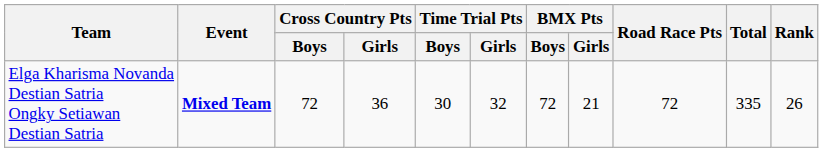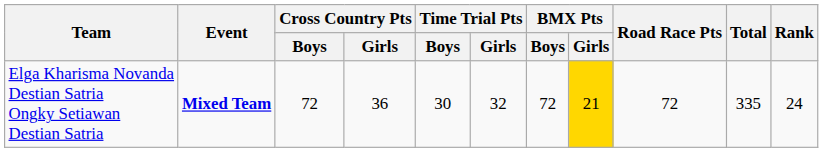 <table class="wikitable" border="1" style="font-size:90%">
 <tr>
 <th rowspan=2>Team</th>
 <th rowspan=2>Event</th>
 <th colspan=2>Cross Country Pts</th>
 <th colspan=2>Time Trial Pts</th>
 <th colspan=2>BMX Pts</th>
 <th rowspan=2>Road Race Pts</th>
 <th rowspan=2>Total</th>
 <th rowspan=2>Rank</th>
 </tr>
 <tr>
 <th>Boys</th>
 <th>Girls</th>
 <th>Boys</th>
 <th>Girls</th>
 <th>Boys</th>
 <th>Girls</th>
 </tr>
 <tr>
 <td><a href='#'>Elga Kharisma Novanda</a><br><a href='#'>Destian Satria</a><br><a href='#'>Ongky Setiawan</a><br><a href='#'>Destian Satria</a></td>
 <td><strong><a href='#'>Mixed Team</a></strong></td>
 <td align=center>72</td>
 <td align=center>36</td>
 <td align=center>30</td>
 <td align=center>32</td>
 <td align=center>72</td>
-<td align=center>21</td>
+<td align=center style="background: gold;">21</td>
 <td align=center>72</td>
 <td align=center>335</td>
-<td align=center>26</td>
+<td align=center>24</td>
 </tr>
 </table>
